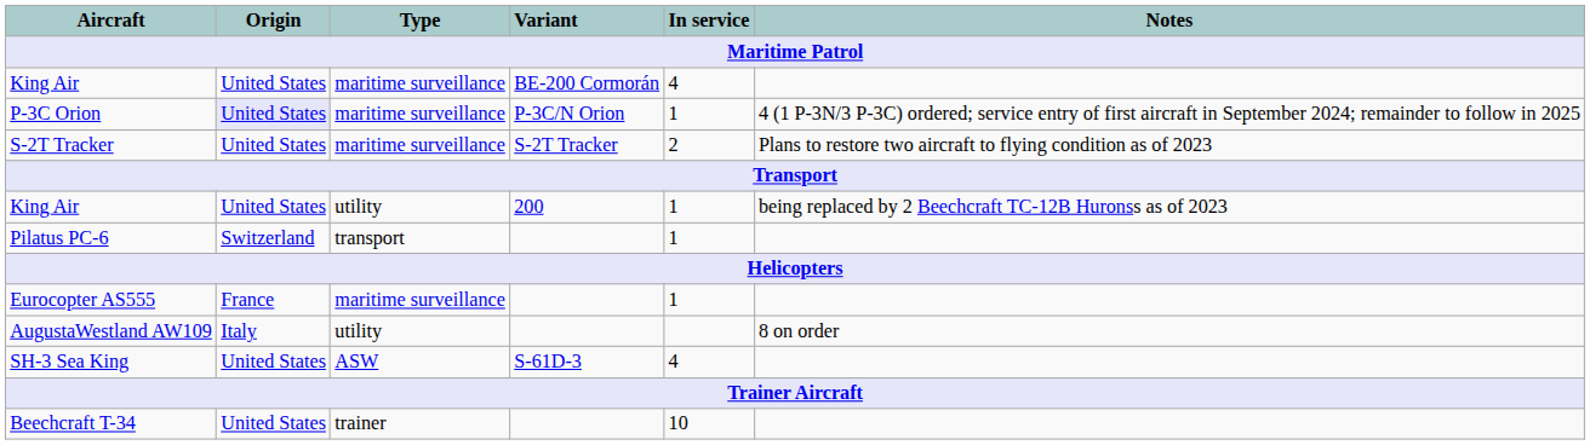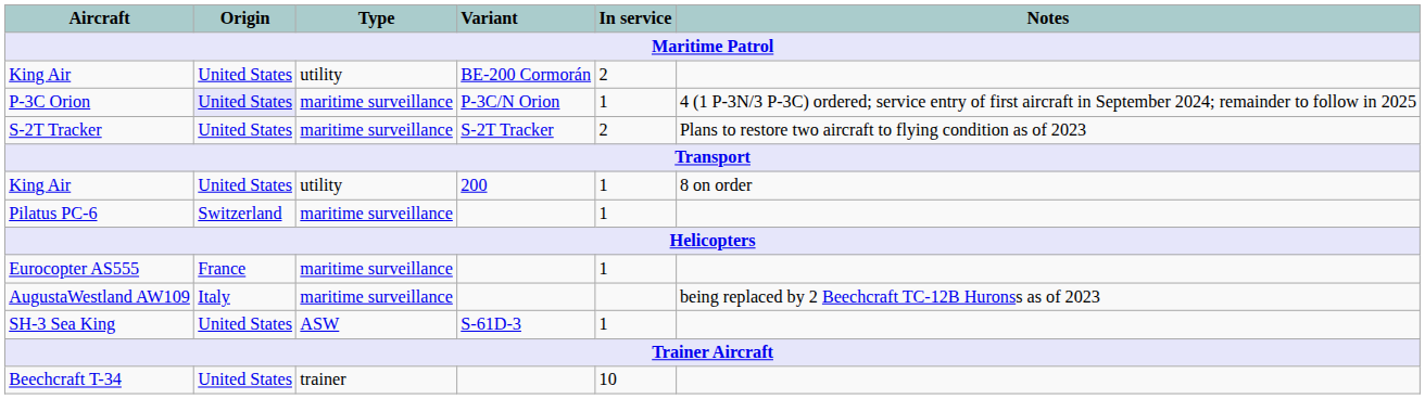 <table class="wikitable">
 <tr>
 <th style="text-align:center; background:#acc;">Aircraft</th>
 <th style="text-align: center; background:#acc;">Origin</th>
 <th style="text-align:l center; background:#acc;">Type</th>
 <th style="text-align:left; background:#acc;">Variant</th>
 <th style="text-align:center; background:#acc;">In service</th>
 <th style="text-align: center; background:#acc;">Notes</th>
 </tr>
 <tr>
 <th style="align: center; background: lavender;" colspan="7"><a href='#'>Maritime Patrol</a></th>
 </tr>
 <tr>
 <td><a href='#'>King Air</a></td>
 <td><a href='#'>United States</a></td>
-<td><a href='#'>maritime surveillance</a></td>
+<td>utility</td>
 <td><a href='#'>BE-200 Cormorán</a></td>
-<td>4</td>
+<td>2</td>
 <td></td>
 </tr>
 <tr>
 <td><a href='#'>P-3C Orion</a></td>
 <td style="background: lavender;"><a href='#'>United States</a></td>
 <td><a href='#'>maritime surveillance</a></td>
 <td><a href='#'>P-3C/N Orion</a></td>
 <td>1</td>
 <td>4 (1 P-3N/3 P-3C) ordered; service entry of first aircraft in September 2024; remainder to follow in 2025</td>
 </tr>
 <tr>
 <td><a href='#'>S-2T Tracker</a></td>
 <td><a href='#'>United States</a></td>
 <td><a href='#'>maritime surveillance</a></td>
 <td><a href='#'>S-2T Tracker</a></td>
 <td>2</td>
 <td>Plans to restore two aircraft to flying condition as of 2023</td>
 </tr>
 <tr>
 <th style="align: center; background: lavender;" colspan="7"><a href='#'>Transport</a></th>
 </tr>
 <tr>
 <td><a href='#'>King Air</a></td>
 <td><a href='#'>United States</a></td>
 <td>utility</td>
 <td><a href='#'>200</a></td>
 <td>1</td>
-<td>being replaced by 2 <a href='#'>Beechcraft TC-12B Hurons</a>s as of 2023</td>
+<td>8 on order</td>
 </tr>
 <tr>
 <td><a href='#'>Pilatus PC-6</a></td>
 <td><a href='#'>Switzerland</a></td>
-<td>transport</td>
+<td><a href='#'>maritime surveillance</a></td>
 <td></td>
 <td>1</td>
 <td></td>
 </tr>
 <tr>
 <th style="align: center; background: lavender;" colspan="7"><a href='#'>Helicopters</a></th>
 </tr>
 <tr>
 <td><a href='#'>Eurocopter AS555</a></td>
 <td><a href='#'>France</a></td>
 <td><a href='#'>maritime surveillance</a></td>
 <td></td>
 <td>1</td>
 <td></td>
 </tr>
 <tr>
 <td><a href='#'>AugustaWestland AW109</a></td>
 <td><a href='#'>Italy</a></td>
-<td>utility</td>
+<td><a href='#'>maritime surveillance</a></td>
 <td></td>
 <td></td>
-<td>8 on order</td>
+<td>being replaced by 2 <a href='#'>Beechcraft TC-12B Hurons</a>s as of 2023</td>
 </tr>
 <tr>
 <td><a href='#'>SH-3 Sea King</a></td>
 <td><a href='#'>United States</a></td>
 <td><a href='#'>ASW</a></td>
 <td><a href='#'>S-61D-3</a></td>
-<td>4</td>
+<td>1</td>
 <td></td>
 </tr>
 <tr>
 <th style="align: center; background: lavender;" colspan="7"><a href='#'>Trainer Aircraft</a></th>
 </tr>
 <tr>
 <td><a href='#'>Beechcraft T-34</a></td>
 <td><a href='#'>United States</a></td>
 <td>trainer</td>
 <td></td>
 <td>10</td>
 <td></td>
 </tr>
 </table>
